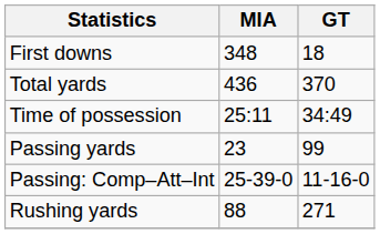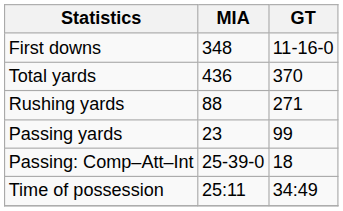 <table class="wikitable" style="float: left;">
 <tr>
 <th>Statistics</th>
 <th>MIA</th>
 <th>GT</th>
 </tr>
 <tr>
 <td>First downs</td>
 <td>348</td>
-<td>18</td>
+<td>11-16-0</td>
 </tr>
 <tr>
 <td>Total yards</td>
 <td>436</td>
 <td>370</td>
 </tr>
 <tr>
-<td>Time of possession</td>
-<td>25:11</td>
-<td>34:49</td>
+<td>Rushing yards</td>
+<td>88</td>
+<td>271</td>
 </tr>
 <tr>
 <td>Passing yards</td>
 <td>23</td>
 <td>99</td>
 </tr>
 <tr>
 <td>Passing: Comp–Att–Int</td>
 <td>25-39-0</td>
-<td>11-16-0</td>
+<td>18</td>
 </tr>
 <tr>
-<td>Rushing yards</td>
-<td>88</td>
-<td>271</td>
+<td>Time of possession</td>
+<td>25:11</td>
+<td>34:49</td>
 </tr>
 <tr>
 </tr>
 </table>
